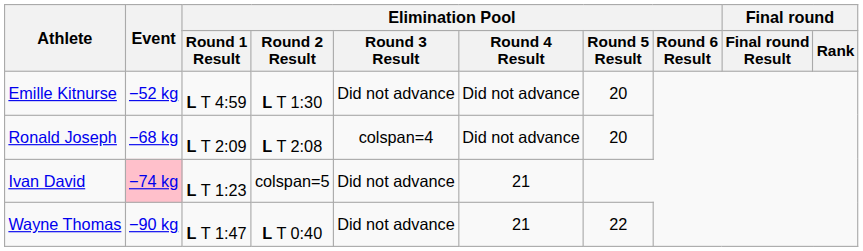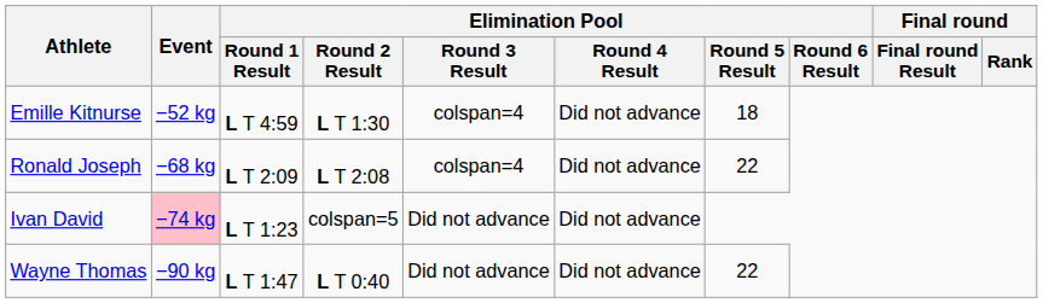 <table class="wikitable" style="font-size:90%">
 <tr>
 <th rowspan="2">Athlete</th>
 <th rowspan="2">Event</th>
 <th colspan=6>Elimination Pool</th>
 <th colspan=2>Final round</th>
 </tr>
 <tr style="font-size: 95%">
 <th>Round 1<br>Result</th>
 <th>Round 2<br>Result</th>
 <th>Round 3<br>Result</th>
 <th>Round 4<br>Result</th>
 <th>Round 5<br>Result</th>
 <th>Round 6<br>Result</th>
 <th>Final round<br>Result</th>
 <th>Rank</th>
 </tr>
 <tr align=center>
 <td align=left><a href='#'>Emille Kitnurse</a></td>
 <td align=left><a href='#'>−52 kg</a></td>
 <td><br><strong>L</strong> T 4:59</td>
 <td><br><strong>L</strong> T 1:30</td>
+<td>colspan=4 </td>
 <td>Did not advance</td>
-<td>Did not advance</td>
-<td>20</td>
+<td>18</td>
 </tr>
 <tr align=center>
 <td align=left><a href='#'>Ronald Joseph</a></td>
 <td align=left><a href='#'>−68 kg</a></td>
 <td><br><strong>L</strong> T 2:09</td>
 <td><br><strong>L</strong> T 2:08</td>
 <td>colspan=4 </td>
 <td>Did not advance</td>
-<td>20</td>
+<td>22</td>
 </tr>
 <tr align=center>
 <td align=left><a href='#'>Ivan David</a></td>
 <td align=left style="background: pink;"><a href='#'>−74 kg</a></td>
 <td><br><strong>L</strong> T 1:23</td>
 <td>colspan=5 </td>
 <td>Did not advance</td>
-<td>21</td>
+<td>Did not advance</td>
 </tr>
 <tr align=center>
 <td align=left><a href='#'>Wayne Thomas</a></td>
 <td align=left><a href='#'>−90 kg</a></td>
 <td><br><strong>L</strong> T 1:47</td>
 <td><br><strong>L</strong> T 0:40</td>
 <td>Did not advance</td>
-<td>21</td>
+<td>Did not advance</td>
 <td>22</td>
 </tr>
 </table>
